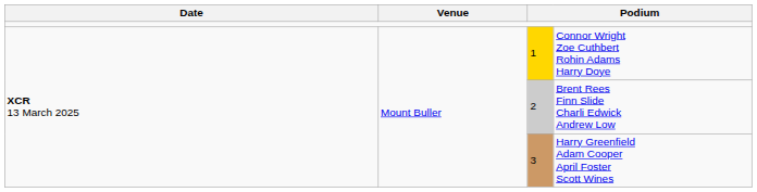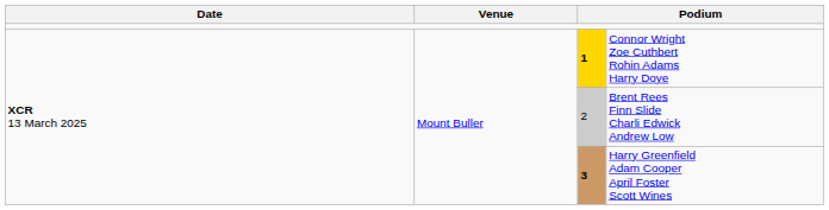 <table class="wikitable" width=70%>
 <tr>
 <th>Date</th>
 <th width=20%>Venue</th>
 <th colspan=2 width=30%>Podium</th>
 </tr>
 <tr>
 <td colspan=6></td>
 </tr>
 <tr>
 <td rowspan=3><strong>XCR</strong> <br> 13 March 2025</td>
 <td rowspan=3><br><a href='#'>Mount Buller</a></td>
-<td bgcolor=FFD700>1</td>
+<td bgcolor=FFD700><strong>1</strong></td>
 <td><a href='#'>Connor Wright</a><br><a href='#'>Zoe Cuthbert</a><br><a href='#'>Rohin Adams</a><br><a href='#'>Harry Doye</a></td>
 </tr>
 <tr>
 <td bgcolor=CCCCCC>2</td>
 <td><a href='#'>Brent Rees</a><br><a href='#'>Finn Slide</a><br><a href='#'>Charli Edwick</a><br><a href='#'>Andrew Low</a></td>
 </tr>
 <tr>
-<td bgcolor=CC9966>3</td>
+<td bgcolor=CC9966><strong>3</strong></td>
 <td><a href='#'>Harry Greenfield</a><br><a href='#'>Adam Cooper</a><br><a href='#'>April Foster</a><br><a href='#'>Scott Wines</a></td>
 </tr>
 </table>
